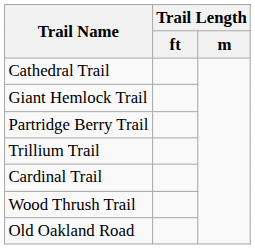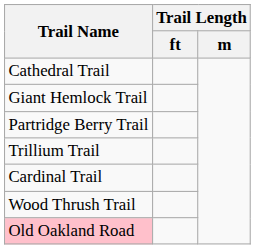 <table class="wikitable sortable">
 <tr>
 <th rowspan=2>Trail Name</th>
 <th colspan=2>Trail Length</th>
 </tr>
 <tr>
 <th>ft</th>
 <th>m</th>
 </tr>
 <tr>
 <td>Cathedral Trail</td>
 <td></td>
 </tr>
 <tr>
 <td>Giant Hemlock Trail</td>
 <td></td>
 </tr>
 <tr>
 <td>Partridge Berry Trail</td>
 <td></td>
 </tr>
 <tr>
 <td>Trillium Trail</td>
 <td></td>
 </tr>
 <tr>
 <td>Cardinal Trail</td>
 <td></td>
 </tr>
 <tr>
 <td>Wood Thrush Trail</td>
 <td></td>
 </tr>
 <tr>
-<td>Old Oakland Road</td>
+<td style="background: pink;">Old Oakland Road</td>
 <td></td>
 </tr>
 </table>
